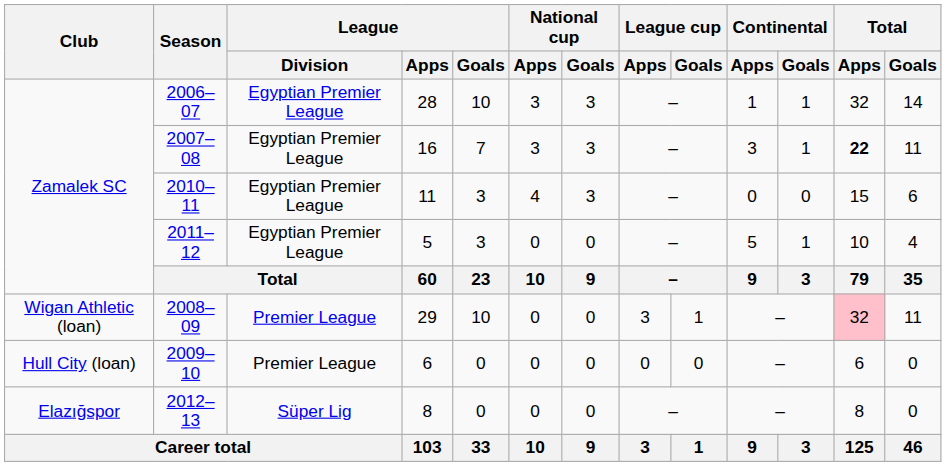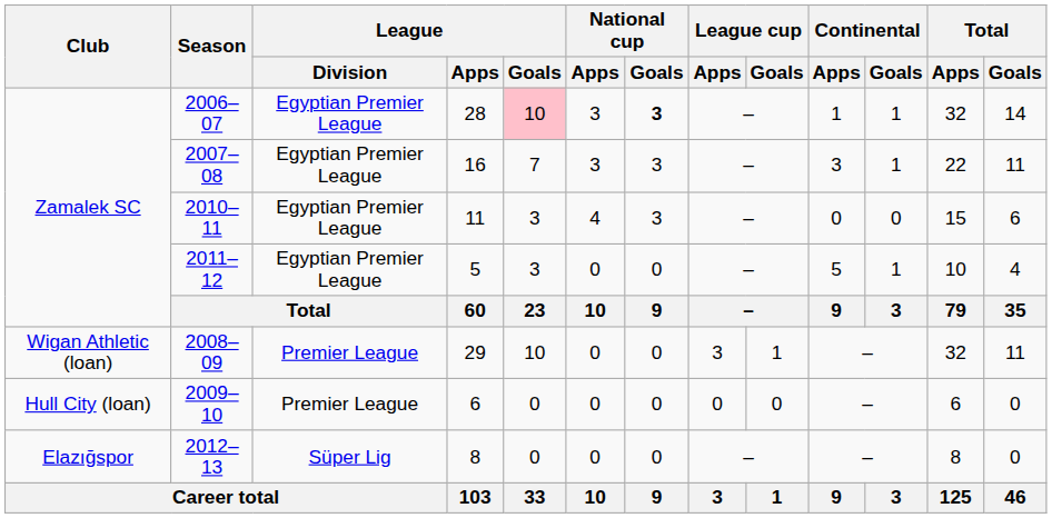 <table class="wikitable" style="text-align: center">
 <tr>
 <th rowspan="2">Club</th>
 <th rowspan="2">Season</th>
 <th colspan="3">League</th>
 <th colspan="2">National cup</th>
 <th colspan="2">League cup</th>
 <th colspan="2">Continental</th>
 <th colspan="2">Total</th>
 </tr>
 <tr>
 <th>Division</th>
 <th>Apps</th>
 <th>Goals</th>
 <th>Apps</th>
 <th>Goals</th>
 <th>Apps</th>
 <th>Goals</th>
 <th>Apps</th>
 <th>Goals</th>
 <th>Apps</th>
 <th>Goals</th>
 </tr>
 <tr>
 <td rowspan="5"><a href='#'>Zamalek SC</a></td>
 <td><a href='#'>2006–07</a></td>
 <td><a href='#'>Egyptian Premier League</a></td>
 <td>28</td>
-<td>10</td>
+<td style="background: pink;">10</td>
 <td>3</td>
-<td>3</td>
+<td><strong>3</strong></td>
 <td colspan="2">–</td>
 <td>1</td>
 <td>1</td>
 <td>32</td>
 <td>14</td>
 </tr>
 <tr>
 <td><a href='#'>2007–08</a></td>
 <td>Egyptian Premier League</td>
 <td>16</td>
 <td>7</td>
 <td>3</td>
 <td>3</td>
 <td colspan="2">–</td>
 <td>3</td>
 <td>1</td>
-<td><strong>22</strong></td>
+<td>22</td>
 <td>11</td>
 </tr>
 <tr>
 <td><a href='#'>2010–11</a></td>
 <td>Egyptian Premier League</td>
 <td>11</td>
 <td>3</td>
 <td>4</td>
 <td>3</td>
 <td colspan="2">–</td>
 <td>0</td>
 <td>0</td>
 <td>15</td>
 <td>6</td>
 </tr>
 <tr>
 <td><a href='#'>2011–12</a></td>
 <td>Egyptian Premier League</td>
 <td>5</td>
 <td>3</td>
 <td>0</td>
 <td>0</td>
 <td colspan="2">–</td>
 <td>5</td>
 <td>1</td>
 <td>10</td>
 <td>4</td>
 </tr>
 <tr>
 <th colspan="2">Total</th>
 <th>60</th>
 <th>23</th>
 <th>10</th>
 <th>9</th>
 <th colspan="2">–</th>
 <th>9</th>
 <th>3</th>
 <th>79</th>
 <th>35</th>
 </tr>
 <tr>
 <td><a href='#'>Wigan Athletic</a> (loan)</td>
 <td><a href='#'>2008–09</a></td>
 <td><a href='#'>Premier League</a></td>
 <td>29</td>
 <td>10</td>
 <td>0</td>
 <td>0</td>
 <td>3</td>
 <td>1</td>
 <td colspan="2">–</td>
-<td style="background: pink;">32</td>
+<td>32</td>
 <td>11</td>
 </tr>
 <tr>
 <td><a href='#'>Hull City</a> (loan)</td>
 <td><a href='#'>2009–10</a></td>
 <td>Premier League</td>
 <td>6</td>
 <td>0</td>
 <td>0</td>
 <td>0</td>
 <td>0</td>
 <td>0</td>
 <td colspan="2">–</td>
 <td>6</td>
 <td>0</td>
 </tr>
 <tr>
 <td><a href='#'>Elazığspor</a></td>
 <td><a href='#'>2012–13</a></td>
 <td><a href='#'>Süper Lig</a></td>
 <td>8</td>
 <td>0</td>
 <td>0</td>
 <td>0</td>
 <td colspan="2">–</td>
 <td colspan="2">–</td>
 <td>8</td>
 <td>0</td>
 </tr>
 <tr>
 <th colspan="3">Career total</th>
 <th>103</th>
 <th>33</th>
 <th>10</th>
 <th>9</th>
 <th>3</th>
 <th>1</th>
 <th>9</th>
 <th>3</th>
 <th>125</th>
 <th>46</th>
 </tr>
 </table>
